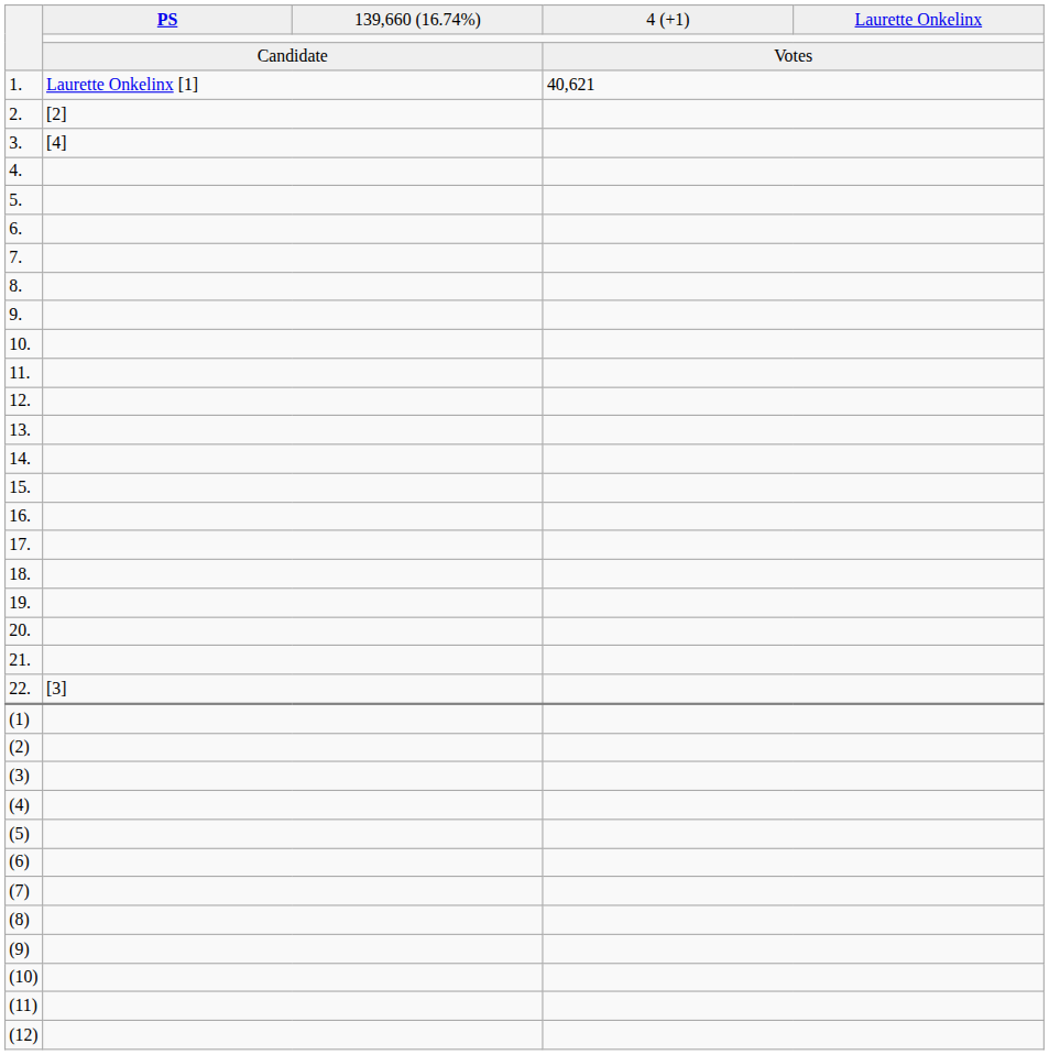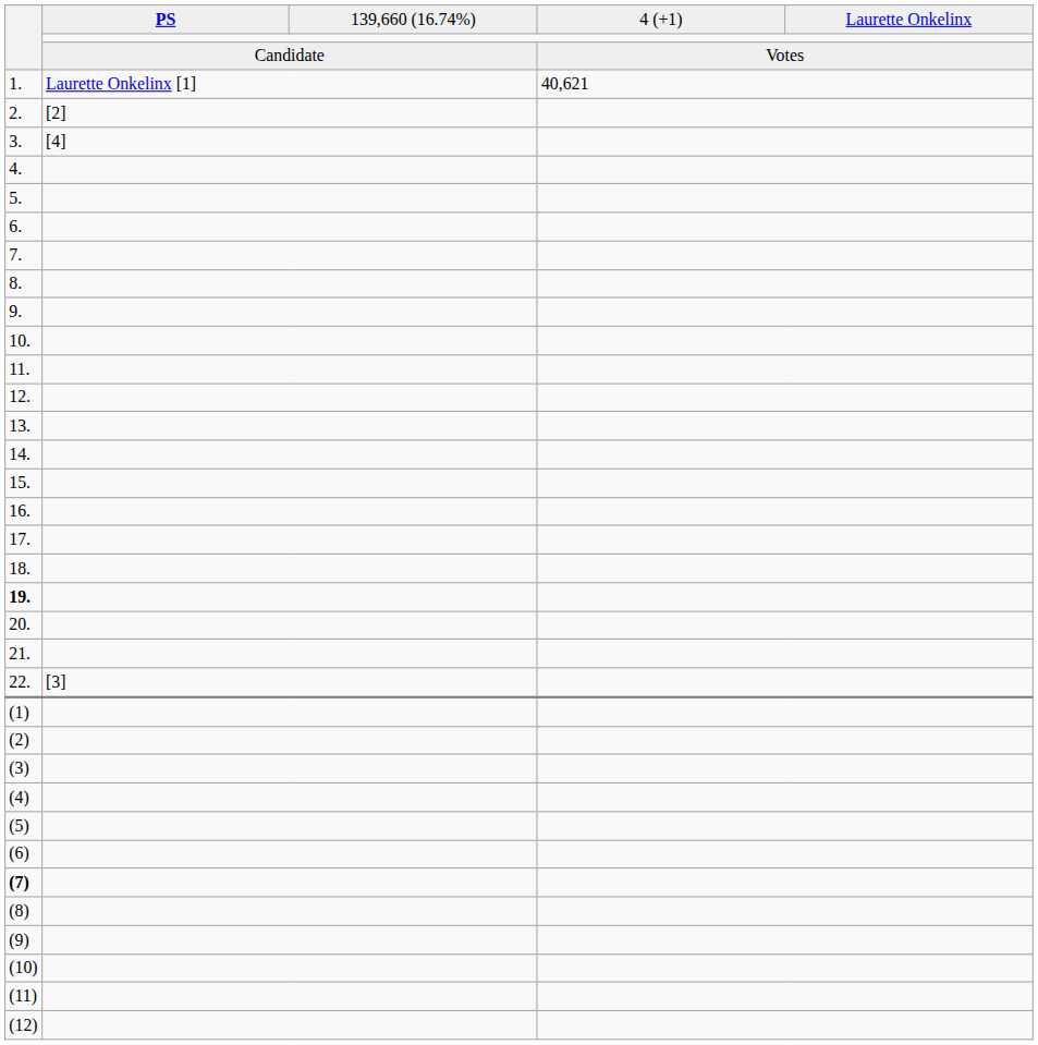 <table class="wikitable collapsible collapsed" style=text-align:left;font-size:90%>
 <tr>
 <th rowspan=3></th>
 <td bgcolor=efefef width=200 align=center><strong> <a href='#'>PS</a></strong></td>
 <td bgcolor=efefef width=200 align=center>139,660 (16.74%)</td>
 <td bgcolor=efefef width=200 align=center>4 (+1)</td>
 <td bgcolor=efefef width=200 align=center><a href='#'>Laurette Onkelinx</a></td>
 </tr>
 <tr>
 <td colspan=4 bgcolor=></td>
 </tr>
 <tr>
 <td bgcolor=efefef align=center colspan=2>Candidate</td>
 <td bgcolor=efefef align=center colspan=2>Votes</td>
 </tr>
 <tr>
 <td>1.</td>
 <td colspan=2><a href='#'>Laurette Onkelinx</a> [1]</td>
 <td colspan=2>40,621</td>
 </tr>
 <tr>
 <td>2.</td>
 <td colspan=2>[2]</td>
 <td colspan=2></td>
 </tr>
 <tr>
 <td>3.</td>
 <td colspan=2>[4]</td>
 <td colspan=2></td>
 </tr>
 <tr>
 <td>4.</td>
 <td colspan=2></td>
 <td colspan=2></td>
 </tr>
 <tr>
 <td>5.</td>
 <td colspan=2></td>
 <td colspan=2></td>
 </tr>
 <tr>
 <td>6.</td>
 <td colspan=2></td>
 <td colspan=2></td>
 </tr>
 <tr>
 <td>7.</td>
 <td colspan=2></td>
 <td colspan=2></td>
 </tr>
 <tr>
 <td>8.</td>
 <td colspan=2></td>
 <td colspan=2></td>
 </tr>
 <tr>
 <td>9.</td>
 <td colspan=2></td>
 <td colspan=2></td>
 </tr>
 <tr>
 <td>10.</td>
 <td colspan=2></td>
 <td colspan=2></td>
 </tr>
 <tr>
 <td>11.</td>
 <td colspan=2></td>
 <td colspan=2></td>
 </tr>
 <tr>
 <td>12.</td>
 <td colspan=2></td>
 <td colspan=2></td>
 </tr>
 <tr>
 <td>13.</td>
 <td colspan=2></td>
 <td colspan=2></td>
 </tr>
 <tr>
 <td>14.</td>
 <td colspan=2></td>
 <td colspan=2></td>
 </tr>
 <tr>
 <td>15.</td>
 <td colspan=2></td>
 <td colspan=2></td>
 </tr>
 <tr>
 <td>16.</td>
 <td colspan=2></td>
 <td colspan=2></td>
 </tr>
 <tr>
 <td>17.</td>
 <td colspan=2></td>
 <td colspan=2></td>
 </tr>
 <tr>
 <td>18.</td>
 <td colspan=2></td>
 <td colspan=2></td>
 </tr>
 <tr>
-<td>19.</td>
+<td><strong>19.</strong></td>
 <td colspan=2></td>
 <td colspan=2></td>
 </tr>
 <tr>
 <td>20.</td>
 <td colspan=2></td>
 <td colspan=2></td>
 </tr>
 <tr>
 <td>21.</td>
 <td colspan=2></td>
 <td colspan=2></td>
 </tr>
 <tr>
 <td>22.</td>
 <td colspan=2>[3]</td>
 <td colspan=2></td>
 </tr>
 <tr style="border-top:2px solid gray;">
 <td>(1)</td>
 <td colspan=2></td>
 <td colspan=2></td>
 </tr>
 <tr>
 <td>(2)</td>
 <td colspan=2></td>
 <td colspan=2></td>
 </tr>
 <tr>
 <td>(3)</td>
 <td colspan=2></td>
 <td colspan=2></td>
 </tr>
 <tr>
 <td>(4)</td>
 <td colspan=2></td>
 <td colspan=2></td>
 </tr>
 <tr>
 <td>(5)</td>
 <td colspan=2></td>
 <td colspan=2></td>
 </tr>
 <tr>
 <td>(6)</td>
 <td colspan=2></td>
 <td colspan=2></td>
 </tr>
 <tr>
-<td>(7)</td>
+<td><strong>(7)</strong></td>
 <td colspan=2></td>
 <td colspan=2></td>
 </tr>
 <tr>
 <td>(8)</td>
 <td colspan=2></td>
 <td colspan=2></td>
 </tr>
 <tr>
 <td>(9)</td>
 <td colspan=2></td>
 <td colspan=2></td>
 </tr>
 <tr>
 <td>(10)</td>
 <td colspan=2></td>
 <td colspan=2></td>
 </tr>
 <tr>
 <td>(11)</td>
 <td colspan=2></td>
 <td colspan=2></td>
 </tr>
 <tr>
 <td>(12)</td>
 <td colspan=2></td>
 <td colspan=2></td>
 </tr>
 </table>
